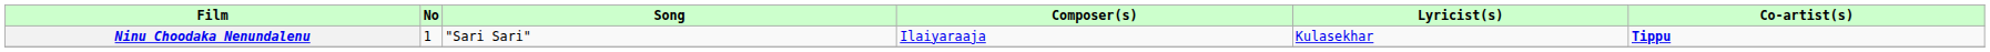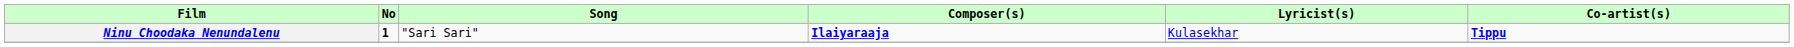 <table class="wikitable plainrowheaders" width="100%" "textcolor:#000;">
 <tr style="background:#cfc; text-align:center;">
 <td scope="col" width=21%><strong>Film</strong></td>
 <td><strong>No</strong></td>
 <td scope="col" width=23%><strong>Song</strong></td>
 <td scope="col" width=20%><strong>Composer(s)</strong></td>
 <td scope="col" width=17%><strong>Lyricist(s)</strong></td>
 <td scope="col" width=18%><strong>Co-artist(s)</strong></td>
 </tr>
 <tr>
 <th><em><a href='#'>Ninu Choodaka Nenundalenu</a></em></th>
-<td>1</td>
+<td><strong>1</strong></td>
 <td>"Sari Sari"</td>
-<td><a href='#'>Ilaiyaraaja</a></td>
+<td><strong><a href='#'>Ilaiyaraaja</a></strong></td>
 <td><a href='#'>Kulasekhar</a></td>
 <td><strong><a href='#'>Tippu</a></strong></td>
 </tr>
 <tr>
 </tr>
 </table>
